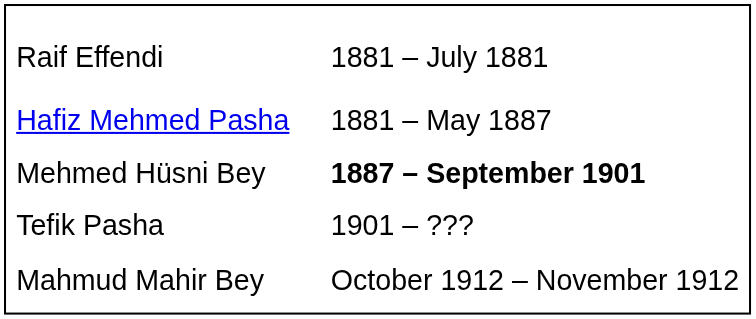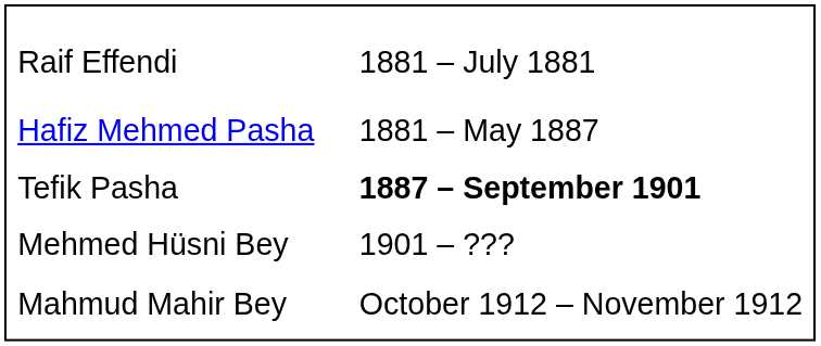 <table cellpadding="0" cellspacing="5" style="border:1px solid #000000; font-size:88%; line-height: 1.5em;">
 <tr>
 <td style="width: 150px;"><strong></strong></td>
 <td></td>
 </tr>
 <tr>
 <td align="center"></td>
 </tr>
 <tr>
 <td>Raif Effendi</td>
 <td>1881 – July 1881</td>
 </tr>
 <tr>
 <td align="center"></td>
 </tr>
 <tr>
 <td><a href='#'>Hafiz Mehmed Pasha</a></td>
 <td>1881 – May 1887</td>
 </tr>
 <tr>
-<td>Mehmed Hüsni Bey</td>
+<td>Tefik Pasha</td>
 <td><strong>1887 – September 1901</strong></td>
 </tr>
 <tr>
-<td>Tefik Pasha</td>
+<td>Mehmed Hüsni Bey</td>
 <td>1901 – ???</td>
 </tr>
 <tr>
 <td>Mahmud Mahir Bey</td>
 <td>October 1912 – November 1912</td>
 </tr>
 </table>
